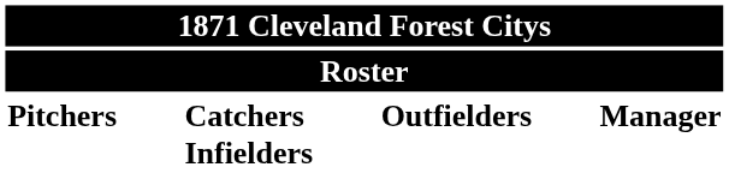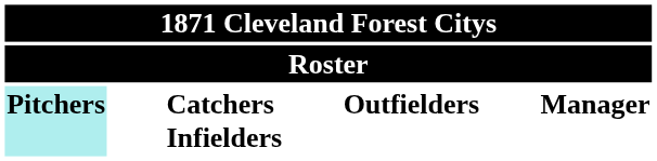 <table class="toccolours" style="font-size: 95%;">
 <tr>
 <th colspan="10" style="background-color: black; color: white; text-align: center;">1871 Cleveland Forest Citys</th>
 </tr>
 <tr>
 <td colspan="10" style="background-color:black; color: white; text-align: center;"><strong>Roster</strong></td>
 </tr>
 <tr>
-<td valign="top"><strong>Pitchers</strong><br></td>
+<td valign="top" style="background: paleturquoise;"><strong>Pitchers</strong><br></td>
 <td width="25px"></td>
 <td valign="top"><strong>Catchers</strong><br> <strong>Infielders</strong>      </td>
 <td width="25px"></td>
 <td valign="top"><strong>Outfielders</strong><br>    </td>
 <td width="25px"></td>
 <td valign="top"><strong>Manager</strong><br></td>
 </tr>
 </table>
